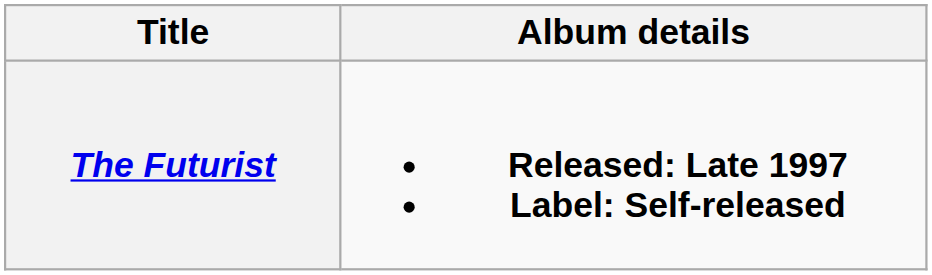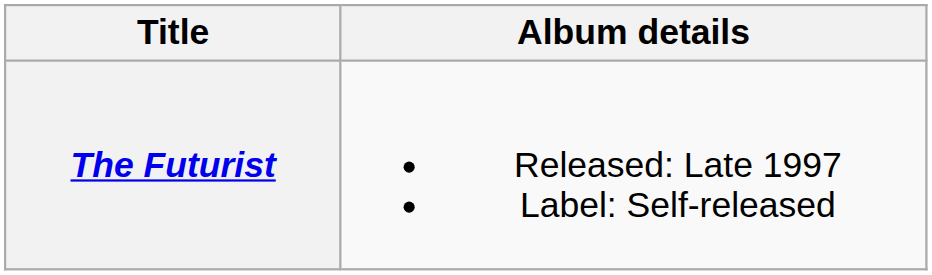 <table class="wikitable plainrowheaders" style="text-align:center;">
 <tr>
 <th scope="col" style="width:9em;">Title</th>
 <th scope="col" style="width:16em;">Album details</th>
 </tr>
 <tr>
 <th scope="row"><em><a href='#'>The Futurist</a></em></th>
-<td><strong><br><ul><li>Released: Late 1997</li><li>Label: Self-released</li></ul></strong></td>
+<td><br><ul><li>Released: Late 1997</li><li>Label: Self-released</li></ul></td>
 </tr>
 </table>
